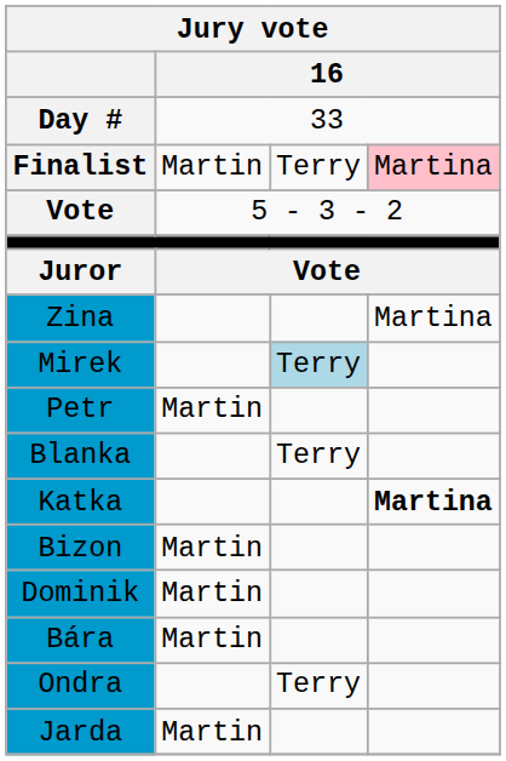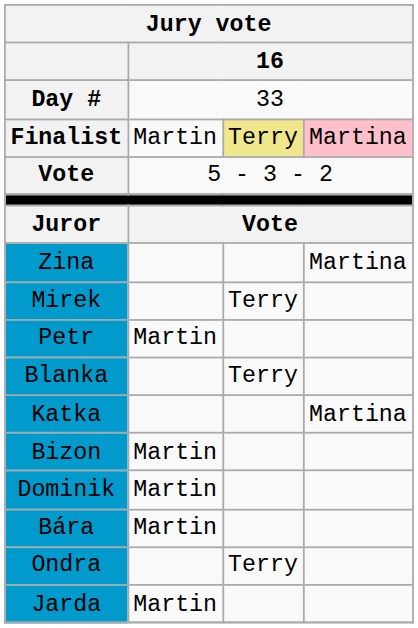 <table class="wikitable" style="text-align:center">
 <tr>
 <th colspan=4>Jury vote</th>
 </tr>
 <tr>
 <th></th>
 <th colspan="4">16</th>
 </tr>
 <tr>
 <th>Day #</th>
 <td colspan="4">33</td>
 </tr>
 <tr>
 <th>Finalist</th>
 <td>Martin</td>
-<td>Terry</td>
+<td style="background: khaki;">Terry</td>
 <td style="background: pink;">Martina</td>
 </tr>
 <tr>
 <th>Vote</th>
 <td colspan=3>5 - 3 - 2</td>
 </tr>
 <tr>
 <td colspan=13 bgcolor=black></td>
 </tr>
 <tr>
 <th>Juror</th>
 <th colspan=3>Vote</th>
 </tr>
 <tr>
 <td bgcolor="009ACD">Zina</td>
 <td></td>
 <td></td>
 <td>Martina</td>
 </tr>
 <tr>
 <td bgcolor="009ACD">Mirek</td>
 <td></td>
-<td style="background: lightblue;">Terry</td>
+<td>Terry</td>
 <td></td>
 </tr>
 <tr>
 <td bgcolor="009ACD">Petr</td>
 <td>Martin</td>
 <td></td>
 <td></td>
 </tr>
 <tr>
 <td bgcolor="009ACD">Blanka</td>
 <td></td>
 <td>Terry</td>
 <td></td>
 </tr>
 <tr>
 <td bgcolor="009ACD">Katka</td>
 <td></td>
 <td></td>
-<td><strong>Martina</strong></td>
+<td>Martina</td>
 </tr>
 <tr>
 <td bgcolor="009ACD">Bizon</td>
 <td>Martin</td>
 <td></td>
 <td></td>
 </tr>
 <tr>
 <td bgcolor="009ACD">Dominik</td>
 <td>Martin</td>
 <td></td>
 <td></td>
 </tr>
 <tr>
 <td bgcolor="009ACD">Bára</td>
 <td>Martin</td>
 <td></td>
 <td></td>
 </tr>
 <tr>
 <td bgcolor="009ACD">Ondra</td>
 <td></td>
 <td>Terry</td>
 <td></td>
 </tr>
 <tr>
 <td bgcolor="009ACD">Jarda</td>
 <td>Martin</td>
 <td></td>
 <td></td>
 </tr>
 <tr>
 </tr>
 </table>
